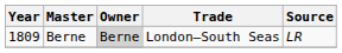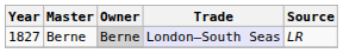 <table class=" wikitable">
 <tr>
 <th>Year</th>
 <th>Master</th>
 <th>Owner</th>
 <th>Trade</th>
 <th>Source</th>
 </tr>
 <tr>
-<td>1809</td>
+<td>1827</td>
 <td>Berne</td>
 <td style="background: lightgrey;">Berne</td>
-<td>London–South Seas</td>
+<td style="background: lavender;">London–South Seas</td>
 <td><em>LR</em></td>
 </tr>
 <tr>
 </tr>
 </table>
